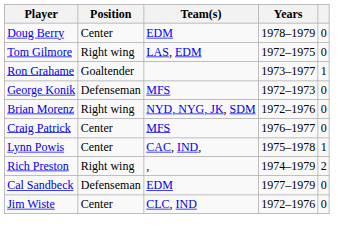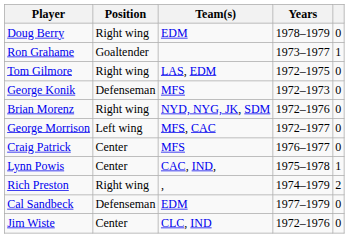 <table class="wikitable">
 <tr>
 <th>Player</th>
 <th>Position</th>
 <th>Team(s)</th>
 <th>Years</th>
 <th><a href='#'></a></th>
 </tr>
 <tr>
 <td><a href='#'>Doug Berry</a></td>
-<td>Center</td>
+<td>Right wing</td>
 <td><a href='#'>EDM</a></td>
 <td>1978–1979</td>
-<td>0</td>
-</tr>
-<tr>
-<td><a href='#'>Tom Gilmore</a></td>
-<td>Right wing</td>
-<td><a href='#'>LAS</a>, <a href='#'>EDM</a></td>
-<td>1972–1975</td>
 <td>0</td>
 </tr>
 <tr>
 <td><a href='#'>Ron Grahame</a></td>
 <td>Goaltender</td>
 <td><span><strong></strong></span></td>
 <td>1973–1977</td>
 <td>1</td>
+</tr>
+<tr>
+<td><a href='#'>Tom Gilmore</a></td>
+<td>Right wing</td>
+<td><a href='#'>LAS</a>, <a href='#'>EDM</a></td>
+<td>1972–1975</td>
+<td>0</td>
 </tr>
 <tr>
 <td><a href='#'>George Konik</a></td>
 <td>Defenseman</td>
 <td><a href='#'>MFS</a></td>
 <td>1972–1973</td>
 <td>0</td>
 </tr>
 <tr>
 <td><a href='#'>Brian Morenz</a></td>
 <td>Right wing</td>
 <td><a href='#'>NYD, NYG, JK</a>, <a href='#'>SDM</a></td>
 <td>1972–1976</td>
+<td>0</td>
+</tr>
+<tr>
+<td><a href='#'>George Morrison</a></td>
+<td>Left wing</td>
+<td><a href='#'>MFS</a>, <a href='#'>CAC</a></td>
+<td>1972–1977</td>
 <td>0</td>
 </tr>
 <tr>
 <td><a href='#'>Craig Patrick</a></td>
 <td>Center</td>
 <td><a href='#'>MFS</a></td>
 <td>1976–1977</td>
 <td>0</td>
 </tr>
 <tr>
 <td><a href='#'>Lynn Powis</a></td>
 <td>Center</td>
 <td><a href='#'>CAC</a>, <a href='#'>IND</a>, <span><strong></strong></span></td>
 <td>1975–1978</td>
 <td>1</td>
 </tr>
 <tr>
 <td><a href='#'>Rich Preston</a></td>
 <td>Right wing</td>
 <td><span><strong></strong></span>, <span><strong></strong></span></td>
 <td>1974–1979</td>
 <td>2</td>
 </tr>
 <tr>
 <td><a href='#'>Cal Sandbeck</a></td>
 <td>Defenseman</td>
 <td><a href='#'>EDM</a></td>
 <td>1977–1979</td>
 <td>0</td>
 </tr>
 <tr>
 <td><a href='#'>Jim Wiste</a></td>
 <td>Center</td>
 <td><a href='#'>CLC</a>, <a href='#'>IND</a></td>
 <td>1972–1976</td>
 <td>0</td>
 </tr>
 </table>
